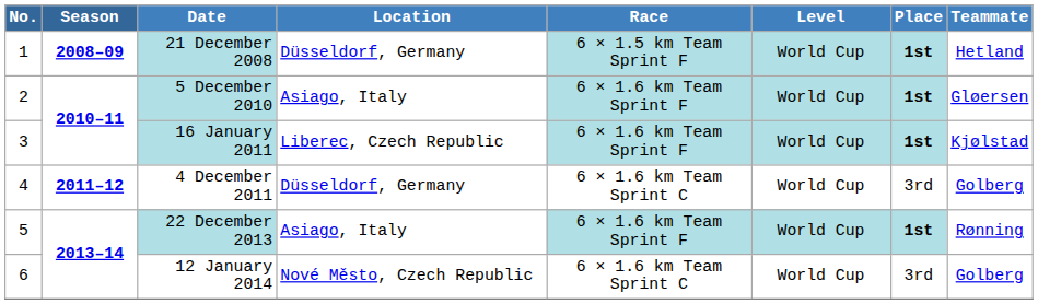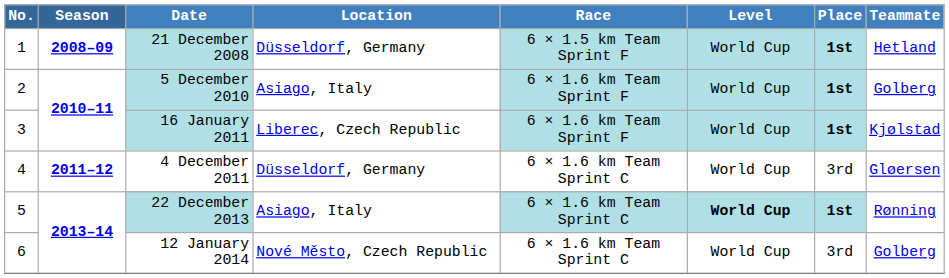 <table class="wikitable sortable" style="font-size:95%; text-align:center; border:grey solid 1px; border-collapse:collapse; background:#ffffff;">
 <tr style="background:#efefef;">
 <th style="background-color:#369; color:white;">No.</th>
 <th style="background-color:#369; color:white;">Season</th>
 <th style="background-color:#4180be; color:white; width:100px;">Date</th>
 <th style="background-color:#4180be; color:white; width:200px;">Location</th>
 <th style="background-color:#4180be; color:white; width:150px;">Race</th>
 <th style="background-color:#4180be; color:white; width:100px;">Level</th>
 <th style="background-color:#4180be; color:white;">Place</th>
 <th style="background-color:#4180be; color:white;">Teammate</th>
 </tr>
 <tr>
 <td align=center>1</td>
 <td rowspan=1 align=center><strong><a href='#'>2008–09</a></strong></td>
 <td bgcolor="#BOEOE6" align=right>21 December 2008</td>
 <td align=left> <a href='#'>Düsseldorf</a>, Germany</td>
 <td bgcolor="#BOEOE6">6 × 1.5 km Team Sprint F</td>
 <td bgcolor="#BOEOE6">World Cup</td>
 <td bgcolor="#BOEOE6"><strong>1st</strong></td>
 <td><a href='#'>Hetland</a></td>
 </tr>
 <tr>
 <td align=center>2</td>
 <td rowspan=2 align=center><strong><a href='#'>2010–11</a></strong></td>
 <td bgcolor="#BOEOE6" align=right>5 December 2010</td>
 <td align=left> <a href='#'>Asiago</a>, Italy</td>
 <td bgcolor="#BOEOE6">6 × 1.6 km Team Sprint F</td>
 <td bgcolor="#BOEOE6">World Cup</td>
 <td bgcolor="#BOEOE6"><strong>1st</strong></td>
-<td><a href='#'>Gløersen</a></td>
+<td><a href='#'>Golberg</a></td>
 </tr>
 <tr>
 <td align=center>3</td>
 <td bgcolor="#BOEOE6" align=right>16 January 2011</td>
 <td align=left> <a href='#'>Liberec</a>, Czech Republic</td>
 <td bgcolor="#BOEOE6">6 × 1.6 km Team Sprint F</td>
 <td bgcolor="#BOEOE6">World Cup</td>
 <td bgcolor="#BOEOE6"><strong>1st</strong></td>
 <td><a href='#'>Kjølstad</a></td>
 </tr>
 <tr>
 <td align=center>4</td>
 <td rowspan=1 align=center><strong> <a href='#'>2011–12</a> </strong></td>
 <td align=right>4 December 2011</td>
 <td align=left> <a href='#'>Düsseldorf</a>, Germany</td>
 <td>6 × 1.6 km Team Sprint C</td>
 <td>World Cup</td>
 <td>3rd</td>
-<td><a href='#'>Golberg</a></td>
+<td><a href='#'>Gløersen</a></td>
 </tr>
 <tr>
 <td align=center>5</td>
 <td rowspan=2 align=center><strong><a href='#'>2013–14</a></strong></td>
 <td bgcolor="#BOEOE6" align=right>22 December 2013</td>
 <td align=left> <a href='#'>Asiago</a>, Italy</td>
-<td bgcolor="#BOEOE6">6 × 1.6 km Team Sprint F</td>
-<td bgcolor="#BOEOE6">World Cup</td>
+<td bgcolor="#BOEOE6">6 × 1.6 km Team Sprint C</td>
+<td bgcolor="#BOEOE6"><strong>World Cup</strong></td>
 <td bgcolor="#BOEOE6"><strong>1st</strong></td>
 <td><a href='#'>Rønning</a></td>
 </tr>
 <tr>
 <td align=center>6</td>
 <td align=right>12 January 2014</td>
 <td align=left> <a href='#'>Nové Město</a>, Czech Republic</td>
 <td>6 × 1.6 km Team Sprint C</td>
 <td>World Cup</td>
 <td>3rd</td>
 <td><a href='#'>Golberg</a></td>
 </tr>
 <tr>
 </tr>
 </table>
